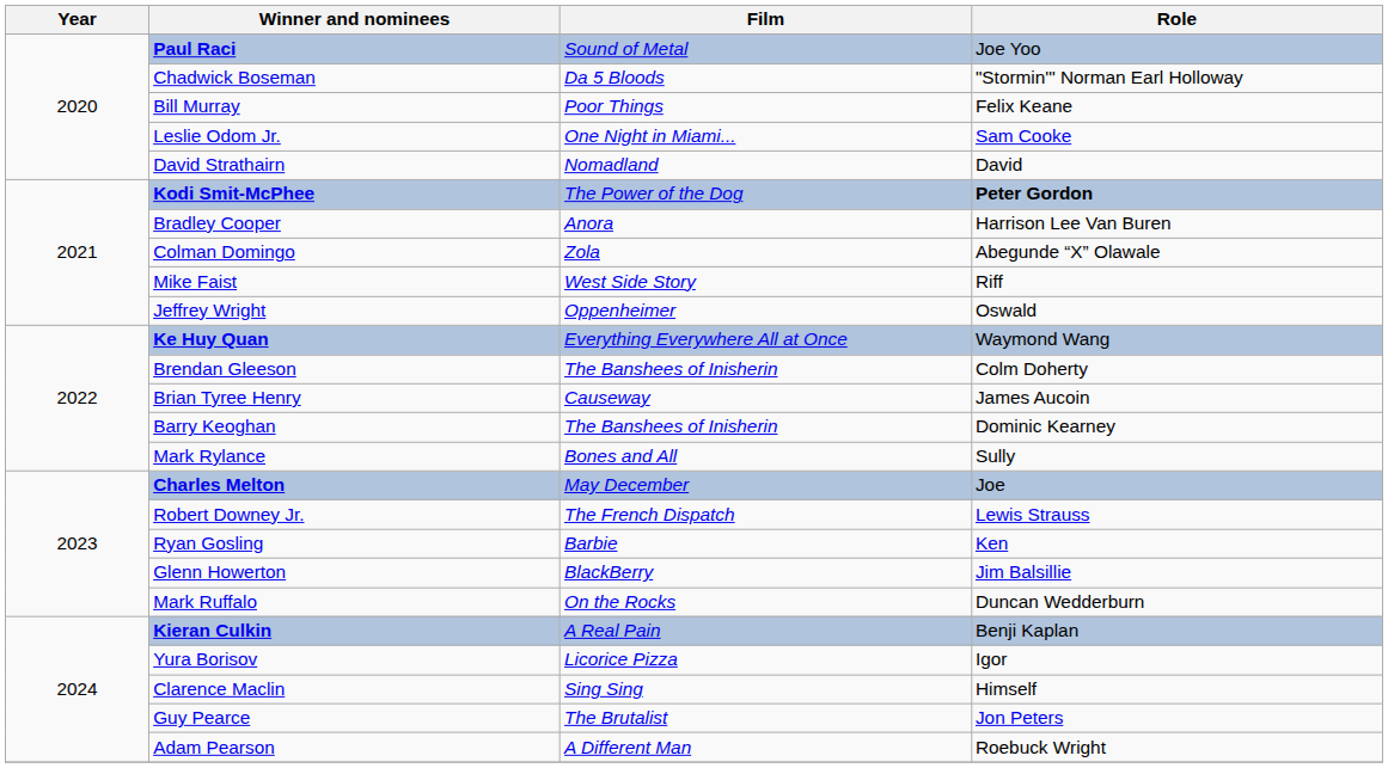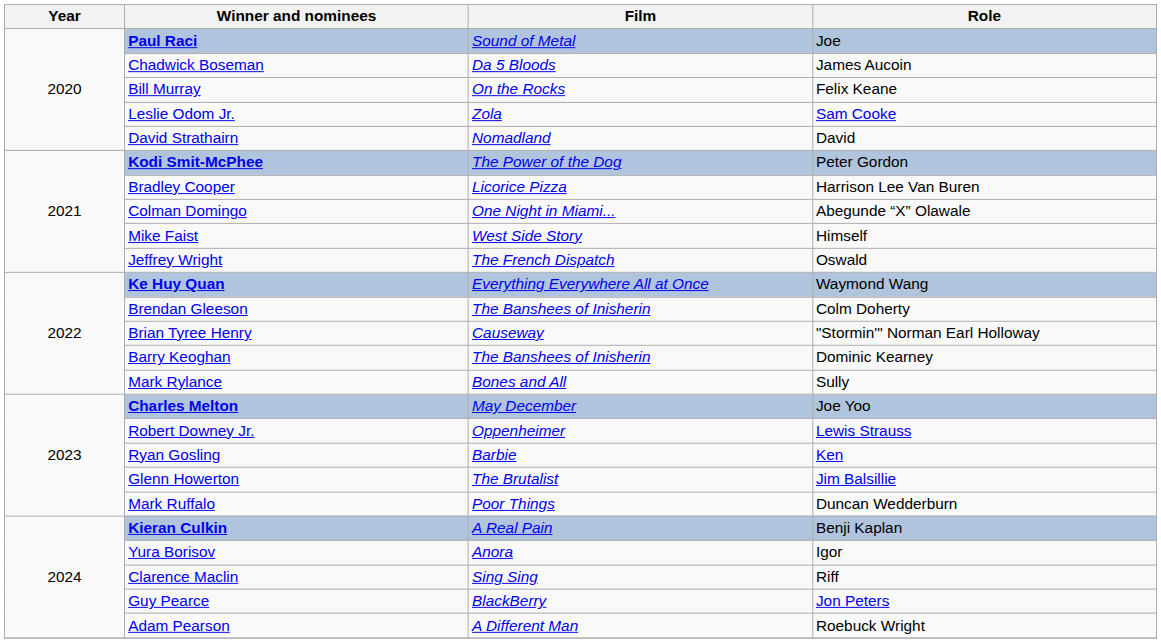 <table class="wikitable" width="95%" cellpadding="5">
 <tr>
 <th width="100"><strong>Year</strong></th>
 <th width="300"><strong>Winner and nominees</strong></th>
 <th width="300"><strong>Film</strong></th>
 <th width="300"><strong>Role</strong></th>
 </tr>
 <tr>
 <td rowspan="5" style="text-align:center;">2020</td>
 <td style="background:#B0C4DE;"><strong><a href='#'>Paul Raci</a></strong></td>
 <td style="background:#B0C4DE;"><em><a href='#'>Sound of Metal</a></em></td>
-<td style="background:#B0C4DE;">Joe Yoo</td>
+<td style="background:#B0C4DE;">Joe</td>
 </tr>
 <tr>
 <td><a href='#'>Chadwick Boseman</a></td>
 <td><em><a href='#'>Da 5 Bloods</a></em></td>
-<td>"Stormin'" Norman Earl Holloway</td>
+<td>James Aucoin</td>
 </tr>
 <tr>
 <td><a href='#'>Bill Murray</a></td>
-<td><em><a href='#'>Poor Things</a></em></td>
+<td><em><a href='#'>On the Rocks</a></em></td>
 <td>Felix Keane</td>
 </tr>
 <tr>
 <td><a href='#'>Leslie Odom Jr.</a></td>
-<td><em><a href='#'>One Night in Miami...</a></em></td>
+<td><em><a href='#'>Zola</a></em></td>
 <td><a href='#'>Sam Cooke</a></td>
 </tr>
 <tr>
 <td><a href='#'>David Strathairn</a></td>
 <td><em><a href='#'>Nomadland</a></em></td>
 <td>David</td>
 </tr>
 <tr>
 <td rowspan="5" style="text-align:center;">2021</td>
 <td style="background:#B0C4DE;"><strong><a href='#'>Kodi Smit-McPhee</a></strong></td>
 <td style="background:#B0C4DE;"><em><a href='#'>The Power of the Dog</a></em></td>
-<td style="background:#B0C4DE;"><strong>Peter Gordon</strong></td>
+<td style="background:#B0C4DE;">Peter Gordon</td>
 </tr>
 <tr>
 <td><a href='#'>Bradley Cooper</a></td>
-<td><em><a href='#'>Anora</a></em></td>
+<td><em><a href='#'>Licorice Pizza</a></em></td>
 <td>Harrison Lee Van Buren</td>
 </tr>
 <tr>
 <td><a href='#'>Colman Domingo</a></td>
-<td><em><a href='#'>Zola</a></em></td>
+<td><em><a href='#'>One Night in Miami...</a></em></td>
 <td>Abegunde “X” Olawale</td>
 </tr>
 <tr>
 <td><a href='#'>Mike Faist</a></td>
 <td><em><a href='#'>West Side Story</a></em></td>
-<td>Riff</td>
+<td>Himself</td>
 </tr>
 <tr>
 <td><a href='#'>Jeffrey Wright</a></td>
-<td><a href='#'><em>Oppenheimer</em></a></td>
+<td><em><a href='#'>The French Dispatch</a></em></td>
 <td>Oswald</td>
 </tr>
 <tr>
 <td rowspan="5" style="text-align:center;">2022</td>
 <td style="background:#B0C4DE;"><strong><a href='#'>Ke Huy Quan</a></strong></td>
 <td style="background:#B0C4DE;"><em><a href='#'>Everything Everywhere All at Once</a></em></td>
 <td style="background:#B0C4DE;">Waymond Wang</td>
 </tr>
 <tr>
 <td><a href='#'>Brendan Gleeson</a></td>
 <td><em><a href='#'>The Banshees of Inisherin</a></em></td>
 <td>Colm Doherty</td>
 </tr>
 <tr>
 <td><a href='#'>Brian Tyree Henry</a></td>
 <td><em><a href='#'>Causeway</a></em></td>
-<td>James Aucoin</td>
+<td>"Stormin'" Norman Earl Holloway</td>
 </tr>
 <tr>
 <td><a href='#'>Barry Keoghan</a></td>
 <td><em><a href='#'>The Banshees of Inisherin</a></em></td>
 <td>Dominic Kearney</td>
 </tr>
 <tr>
 <td><a href='#'>Mark Rylance</a></td>
 <td><em><a href='#'>Bones and All</a></em></td>
 <td>Sully</td>
 </tr>
 <tr>
 <td rowspan="5" style="text-align:center;">2023</td>
 <td style="background:#B0C4DE;"><strong><a href='#'>Charles Melton</a></strong></td>
 <td style="background:#B0C4DE;"><em><a href='#'>May December</a></em></td>
-<td style="background:#B0C4DE;">Joe</td>
+<td style="background:#B0C4DE;">Joe Yoo</td>
 </tr>
 <tr>
 <td><a href='#'>Robert Downey Jr.</a></td>
-<td><em><a href='#'>The French Dispatch</a></em></td>
+<td><a href='#'><em>Oppenheimer</em></a></td>
 <td><a href='#'>Lewis Strauss</a></td>
 </tr>
 <tr>
 <td><a href='#'>Ryan Gosling</a></td>
 <td><a href='#'><em>Barbie</em></a></td>
 <td><a href='#'>Ken</a></td>
 </tr>
 <tr>
 <td><a href='#'>Glenn Howerton</a></td>
-<td><a href='#'><em>BlackBerry</em></a></td>
+<td><em><a href='#'>The Brutalist</a></em></td>
 <td><a href='#'>Jim Balsillie</a></td>
 </tr>
 <tr>
 <td><a href='#'>Mark Ruffalo</a></td>
-<td><em><a href='#'>On the Rocks</a></em></td>
+<td><em><a href='#'>Poor Things</a></em></td>
 <td>Duncan Wedderburn</td>
 </tr>
 <tr>
 <td rowspan="5" style="text-align:center;">2024</td>
 <td style="background:#B0C4DE;"><strong><a href='#'>Kieran Culkin</a></strong></td>
 <td style="background:#B0C4DE;"><em><a href='#'>A Real Pain</a></em></td>
 <td style="background:#B0C4DE;">Benji Kaplan</td>
 </tr>
 <tr>
 <td><a href='#'>Yura Borisov</a></td>
-<td><em><a href='#'>Licorice Pizza</a></em></td>
+<td><em><a href='#'>Anora</a></em></td>
 <td>Igor</td>
 </tr>
 <tr>
 <td><a href='#'>Clarence Maclin</a></td>
 <td><em><a href='#'>Sing Sing</a></em></td>
-<td>Himself</td>
+<td>Riff</td>
 </tr>
 <tr>
 <td><a href='#'>Guy Pearce</a></td>
-<td><em><a href='#'>The Brutalist</a></em></td>
+<td><a href='#'><em>BlackBerry</em></a></td>
 <td><a href='#'>Jon Peters</a></td>
 </tr>
 <tr>
 <td><a href='#'>Adam Pearson</a></td>
 <td><em><a href='#'>A Different Man</a></em></td>
 <td>Roebuck Wright</td>
 </tr>
 <tr>
 </tr>
 </table>
